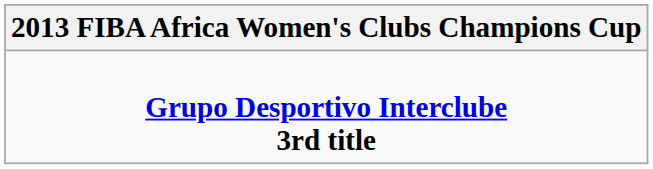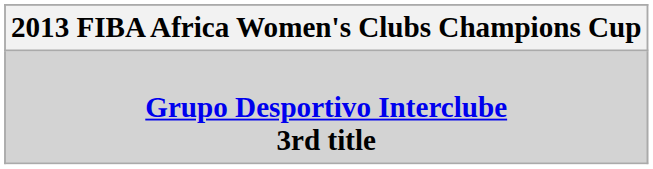 <table class=wikitable style="text-align:center; margin:auto">
 <tr>
 <th>2013 FIBA Africa Women's Clubs Champions Cup</th>
 </tr>
 <tr>
-<td><br><strong><a href='#'>Grupo Desportivo Interclube</a></strong><br><strong>3rd title</strong></td>
+<td style="background: lightgrey;"><br><strong><a href='#'>Grupo Desportivo Interclube</a></strong><br><strong>3rd title</strong></td>
 </tr>
 </table>
